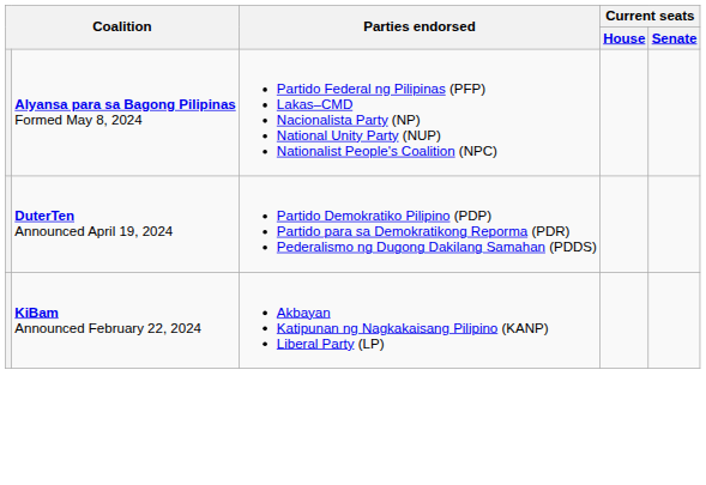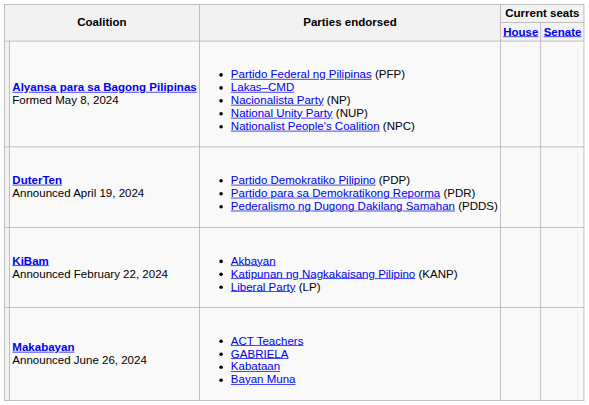 <table class="wikitable sortable">
 <tr>
 <th colspan="2" rowspan="2">Coalition</th>
 <th rowspan="2" scope="col" class="unsortable">Parties endorsed</th>
 <th colspan="2">Current seats</th>
 </tr>
 <tr>
 <th><a href='#'>House</a></th>
 <th><a href='#'>Senate</a></th>
 </tr>
 <tr>
 <th style="background:"></th>
 <td><strong><a href='#'>Alyansa para sa Bagong Pilipinas</a></strong><br>Formed May 8, 2024</td>
 <td><br><ul><li> <a href='#'>Partido Federal ng Pilipinas</a> (PFP)</li><li> <a href='#'>Lakas–CMD</a></li><li> <a href='#'>Nacionalista Party</a> (NP)</li><li> <a href='#'>National Unity Party</a> (NUP)</li><li> <a href='#'>Nationalist People's Coalition</a> (NPC)</li></ul></td>
 <td></td>
 <td></td>
 </tr>
 <tr>
 <th style="background:"></th>
 <td><strong><a href='#'>DuterTen</a></strong><br>Announced April 19, 2024</td>
 <td><br><ul><li> <a href='#'>Partido Demokratiko Pilipino</a> (PDP)</li><li> <a href='#'>Partido para sa Demokratikong Reporma</a> (PDR)</li><li> <a href='#'>Pederalismo ng Dugong Dakilang Samahan</a> (PDDS)</li></ul></td>
 <td></td>
 <td></td>
 </tr>
 <tr>
 <th style="background:"></th>
 <td><strong><a href='#'>KiBam</a></strong><br>Announced February 22, 2024</td>
 <td><br><ul><li> <a href='#'>Akbayan</a></li><li> <a href='#'>Katipunan ng Nagkakaisang Pilipino</a> (KANP)</li><li> <a href='#'>Liberal Party</a> (LP)</li></ul></td>
 <td></td>
 <td></td>
 </tr>
+<tr>
+<th style="background:"></th>
+<td><strong><a href='#'>Makabayan</a></strong><br>Announced June 26, 2024</td>
+<td><br><ul><li> <a href='#'>ACT Teachers</a></li><li> <a href='#'>GABRIELA</a></li><li> <a href='#'>Kabataan</a></li><li> <a href='#'>Bayan Muna</a></li></ul></td>
+<td></td>
+<td></td>
+</tr>
 </table>
